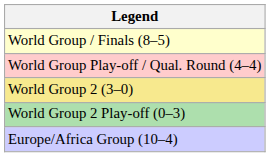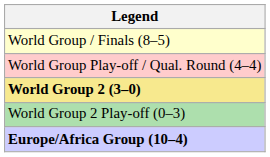 <table class="wikitable" style="font-size:85%">
 <tr>
 <th>Legend</th>
 </tr>
 <tr>
 <td bgcolor="ffffcc">World Group / Finals (8–5)</td>
 </tr>
 <tr>
 <td bgcolor="ffcccc">World Group Play-off / Qual. Round (4–4)</td>
 </tr>
 <tr>
-<td bgcolor="#F7E98E">World Group 2 (3–0)</td>
+<td bgcolor="#F7E98E"><strong>World Group 2 (3–0)</strong></td>
 </tr>
 <tr>
 <td bgcolor="#ADDFAD">World Group 2 Play-off (0–3)</td>
 </tr>
 <tr>
-<td bgcolor="CCCCFF">Europe/Africa Group (10–4)</td>
+<td bgcolor="CCCCFF"><strong>Europe/Africa Group (10–4)</strong></td>
 </tr>
 </table>
